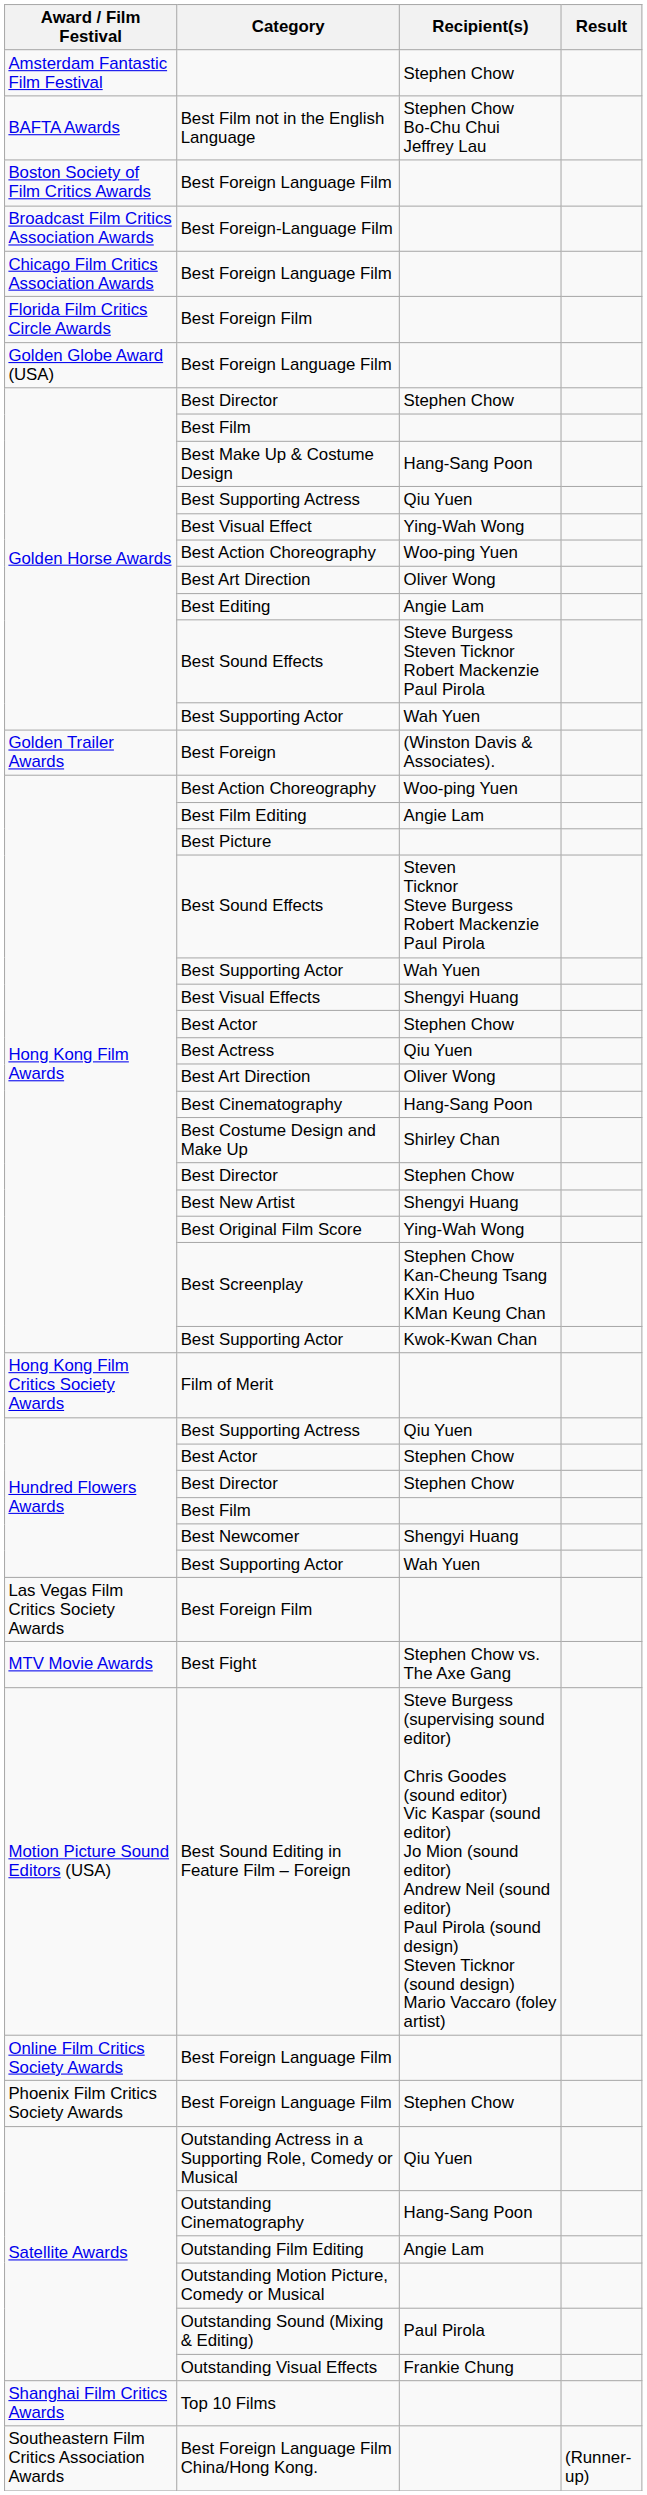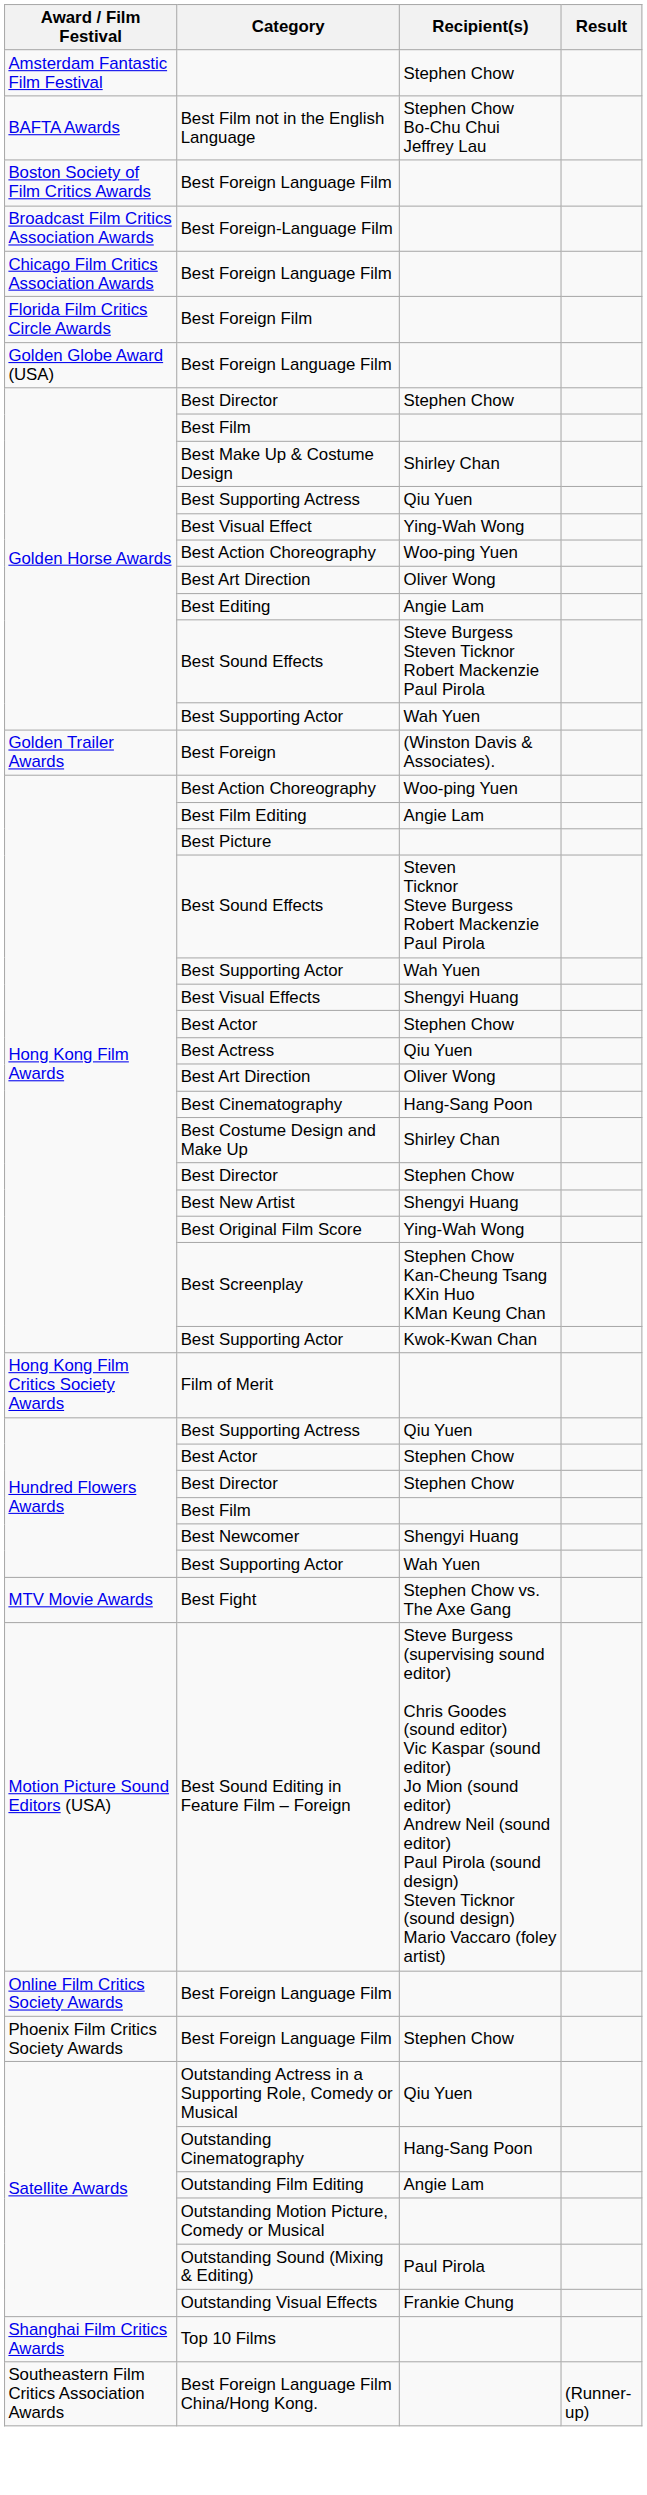 <table class="wikitable sortable" style="font-size:90% width=100%;">
 <tr>
 <th style= width="28%">Award / Film Festival</th>
 <th style= width="26%">Category</th>
 <th style= width="36%">Recipient(s)</th>
 <th style= width="10%">Result</th>
 </tr>
 <tr>
 <td rowspan="1"><a href='#'>Amsterdam Fantastic Film Festival</a></td>
 <td></td>
 <td>Stephen Chow</td>
 <td></td>
 </tr>
 <tr>
 <td rowspan="1"><a href='#'>BAFTA Awards</a></td>
 <td>Best Film not in the English Language</td>
 <td>Stephen Chow <br>Bo-Chu Chui<br>Jeffrey Lau</td>
 <td></td>
 </tr>
 <tr>
 <td rowspan="1"><a href='#'>Boston Society of Film Critics Awards</a></td>
 <td>Best Foreign Language Film</td>
 <td></td>
 <td></td>
 </tr>
 <tr>
 <td rowspan="1"><a href='#'>Broadcast Film Critics Association Awards</a></td>
 <td>Best Foreign-Language Film</td>
 <td></td>
 <td></td>
 </tr>
 <tr>
 <td rowspan="1"><a href='#'>Chicago Film Critics Association Awards</a></td>
 <td>Best Foreign Language Film</td>
 <td></td>
 <td></td>
 </tr>
 <tr>
 <td rowspan="1"><a href='#'>Florida Film Critics Circle Awards</a></td>
 <td>Best Foreign Film</td>
 <td></td>
 <td></td>
 </tr>
 <tr>
 <td rowspan="1"><a href='#'>Golden Globe Award</a> (USA)</td>
 <td>Best Foreign Language Film</td>
 <td></td>
 <td></td>
 </tr>
 <tr>
 <td rowspan="10"><a href='#'>Golden Horse Awards</a></td>
 <td>Best Director</td>
 <td>Stephen Chow</td>
 <td></td>
 </tr>
 <tr>
 <td>Best Film</td>
 <td></td>
 <td></td>
 </tr>
 <tr>
 <td>Best Make Up & Costume Design</td>
-<td>Hang-Sang Poon</td>
+<td>Shirley Chan</td>
 <td></td>
 </tr>
 <tr>
 <td>Best Supporting Actress</td>
 <td>Qiu Yuen</td>
 <td></td>
 </tr>
 <tr>
 <td>Best Visual Effect</td>
 <td>Ying-Wah Wong</td>
 <td></td>
 </tr>
 <tr>
 <td>Best Action Choreography</td>
 <td>Woo-ping Yuen</td>
 <td></td>
 </tr>
 <tr>
 <td>Best Art Direction</td>
 <td>Oliver Wong</td>
 <td></td>
 </tr>
 <tr>
 <td>Best Editing</td>
 <td>Angie Lam</td>
 <td></td>
 </tr>
 <tr>
 <td>Best Sound Effects</td>
 <td>Steve Burgess <br>Steven Ticknor <br>Robert Mackenzie<br> Paul Pirola</td>
 <td></td>
 </tr>
 <tr>
 <td>Best Supporting Actor</td>
 <td>Wah Yuen</td>
 <td></td>
 </tr>
 <tr>
 <td rowspan="1"><a href='#'>Golden Trailer Awards</a></td>
 <td>Best Foreign</td>
 <td>(Winston Davis & Associates).</td>
 <td></td>
 </tr>
 <tr>
 <td rowspan="16"><a href='#'>Hong Kong Film Awards</a></td>
 <td>Best Action Choreography</td>
 <td>Woo-ping Yuen</td>
 <td></td>
 </tr>
 <tr>
 <td>Best Film Editing</td>
 <td>Angie Lam</td>
 <td></td>
 </tr>
 <tr>
 <td>Best Picture</td>
 <td></td>
 <td></td>
 </tr>
 <tr>
 <td>Best Sound Effects</td>
 <td>Steven <br> Ticknor <br>Steve Burgess <br>Robert Mackenzie<br> Paul Pirola</td>
 <td></td>
 </tr>
 <tr>
 <td>Best Supporting Actor</td>
 <td>Wah Yuen</td>
 <td></td>
 </tr>
 <tr>
 <td>Best Visual Effects</td>
 <td>Shengyi Huang</td>
 <td></td>
 </tr>
 <tr>
 <td>Best Actor</td>
 <td>Stephen Chow</td>
 <td></td>
 </tr>
 <tr>
 <td>Best Actress</td>
 <td>Qiu Yuen</td>
 <td></td>
 </tr>
 <tr>
 <td>Best Art Direction</td>
 <td>Oliver Wong</td>
 <td></td>
 </tr>
 <tr>
 <td>Best Cinematography</td>
 <td>Hang-Sang Poon</td>
 <td></td>
 </tr>
 <tr>
 <td>Best Costume Design and Make Up</td>
 <td>Shirley Chan</td>
 <td></td>
 </tr>
 <tr>
 <td>Best Director</td>
 <td>Stephen Chow</td>
 <td></td>
 </tr>
 <tr>
 <td>Best New Artist</td>
 <td>Shengyi Huang</td>
 <td></td>
 </tr>
 <tr>
 <td>Best Original Film Score</td>
 <td>Ying-Wah Wong</td>
 <td></td>
 </tr>
 <tr>
 <td>Best Screenplay</td>
 <td>Stephen Chow <br>Kan-Cheung Tsang <br>KXin Huo <br>KMan Keung Chan</td>
 <td></td>
 </tr>
 <tr>
 <td>Best Supporting Actor</td>
 <td>Kwok-Kwan Chan</td>
 <td></td>
 </tr>
 <tr>
 <td rowspan="1"><a href='#'>Hong Kong Film Critics Society Awards</a></td>
 <td>Film of Merit</td>
 <td></td>
 <td></td>
 </tr>
 <tr>
 <td rowspan="6"><a href='#'>Hundred Flowers Awards</a></td>
 <td>Best Supporting Actress</td>
 <td>Qiu Yuen</td>
 <td></td>
 </tr>
 <tr>
 <td>Best Actor</td>
 <td>Stephen Chow</td>
 <td></td>
 </tr>
 <tr>
 <td>Best Director</td>
 <td>Stephen Chow</td>
 <td></td>
 </tr>
 <tr>
 <td>Best Film</td>
 <td></td>
 <td></td>
 </tr>
 <tr>
 <td>Best Newcomer</td>
 <td>Shengyi Huang</td>
 <td></td>
 </tr>
 <tr>
 <td>Best Supporting Actor</td>
 <td>Wah Yuen</td>
 <td></td>
 </tr>
 <tr>
-<td rowspan="1">Las Vegas Film Critics Society Awards</td>
-<td>Best Foreign Film</td>
-<td></td>
-<td></td>
-</tr>
-<tr>
 <td rowspan="1"><a href='#'>MTV Movie Awards</a></td>
 <td>Best Fight</td>
 <td>Stephen Chow vs. The Axe Gang</td>
 <td></td>
 </tr>
 <tr>
 <td rowspan="1"><a href='#'>Motion Picture Sound Editors</a> (USA)</td>
 <td>Best Sound Editing in Feature Film – Foreign</td>
 <td>Steve Burgess (supervising sound editor) <br><br>Chris Goodes (sound editor)<br> Vic Kaspar (sound editor) <br> Jo Mion (sound editor) <br> Andrew Neil (sound editor) <br> Paul Pirola (sound design) <br> Steven Ticknor (sound design) <br> Mario Vaccaro (foley artist) <br></td>
 <td></td>
 </tr>
 <tr>
 <td rowspan="1"><a href='#'>Online Film Critics Society Awards</a></td>
 <td>Best Foreign Language Film</td>
 <td></td>
 <td></td>
 </tr>
 <tr>
 <td rowspan="1">Phoenix Film Critics Society Awards</td>
 <td>Best Foreign Language Film</td>
 <td>Stephen Chow</td>
 <td></td>
 </tr>
 <tr>
 <td rowspan="6"><a href='#'>Satellite Awards</a></td>
 <td>Outstanding Actress in a Supporting Role, Comedy or Musical</td>
 <td>Qiu Yuen</td>
 <td></td>
 </tr>
 <tr>
 <td>Outstanding Cinematography</td>
 <td>Hang-Sang Poon</td>
 <td></td>
 </tr>
 <tr>
 <td>Outstanding Film Editing</td>
 <td>Angie Lam</td>
 <td></td>
 </tr>
 <tr>
 <td>Outstanding Motion Picture, Comedy or Musical</td>
 <td></td>
 <td></td>
 </tr>
 <tr>
 <td>Outstanding Sound (Mixing & Editing)</td>
 <td>Paul Pirola</td>
 <td></td>
 </tr>
 <tr>
 <td>Outstanding Visual Effects</td>
 <td>Frankie Chung</td>
 <td></td>
 </tr>
 <tr>
 <td rowspan="1"><a href='#'>Shanghai Film Critics Awards</a></td>
 <td>Top 10 Films</td>
 <td></td>
 <td></td>
 </tr>
 <tr>
 <td rowspan="1">Southeastern Film Critics Association Awards</td>
 <td>Best Foreign Language Film China/Hong Kong.</td>
 <td></td>
 <td><br> (Runner-up)</td>
 </tr>
 </table>
